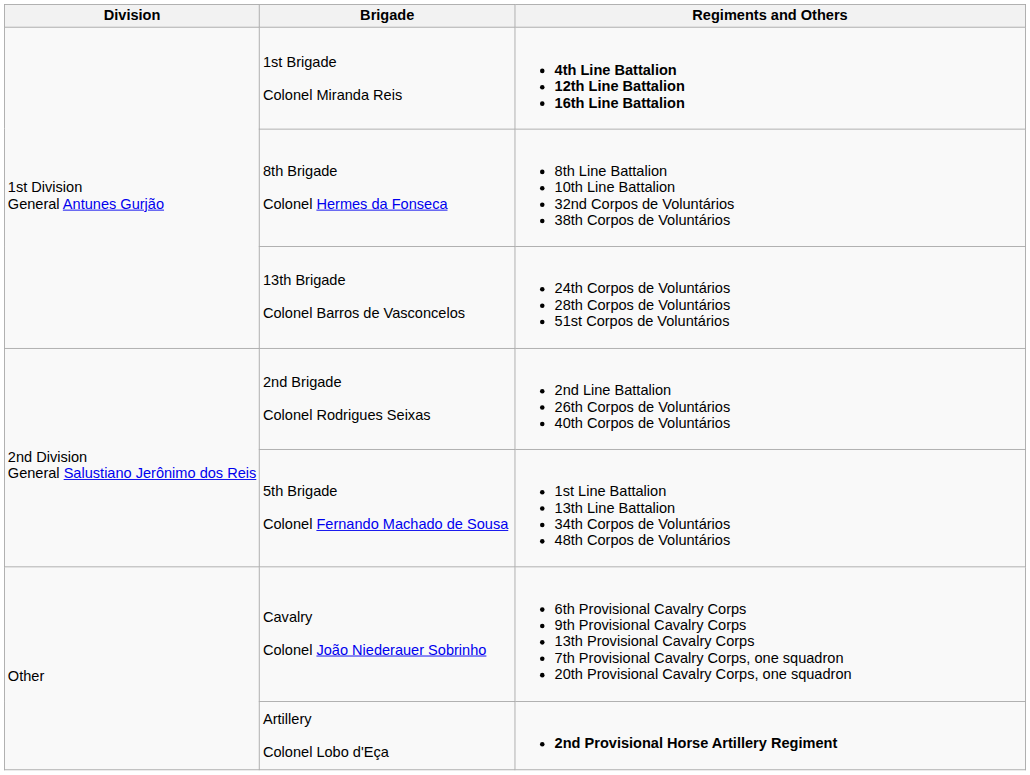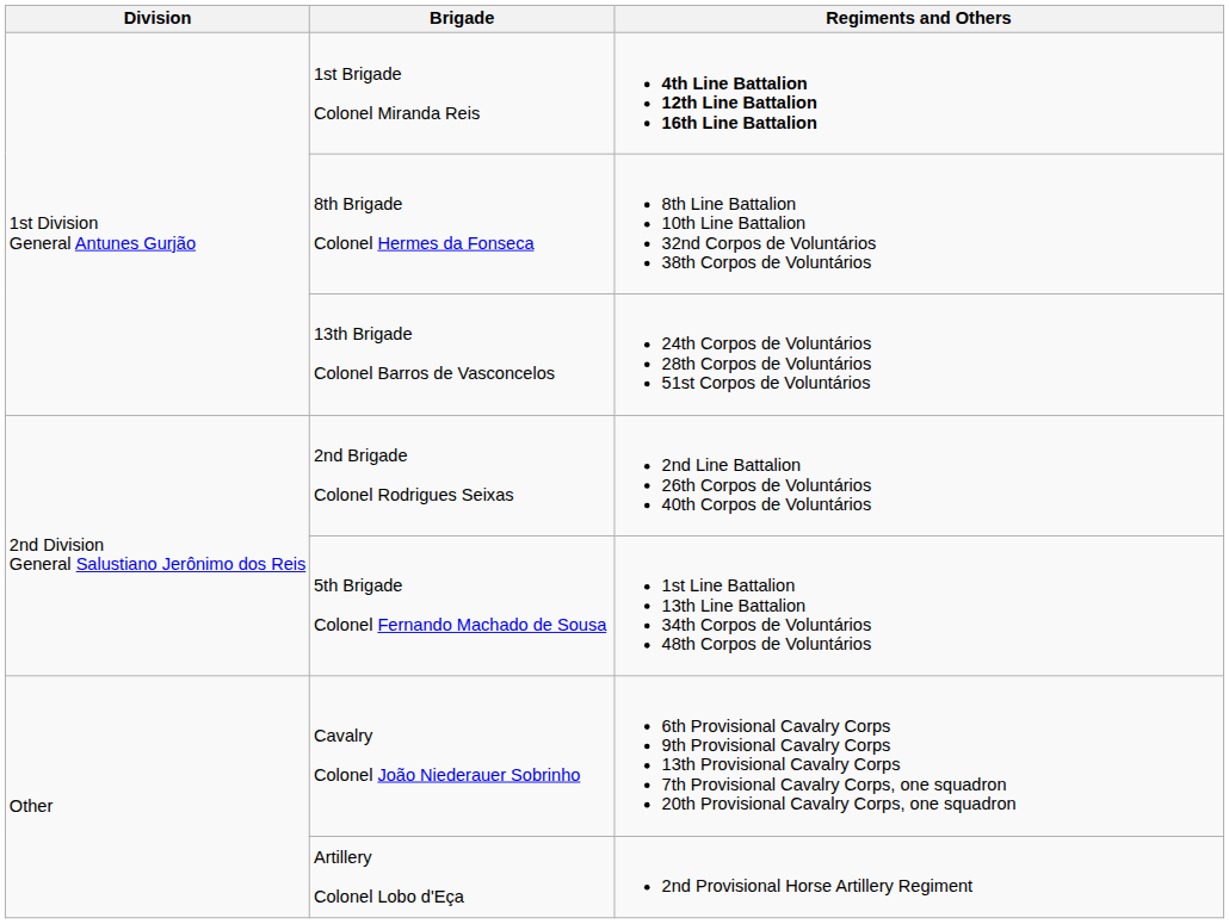 <table class="wikitable">
 <tr>
 <th style="width:25%;">Division</th>
 <th style="width:25%;">Brigade</th>
 <th>Regiments and Others</th>
 </tr>
 <tr>
 <td rowspan=3><br>1st Division <br> General <a href='#'>Antunes Gurjão</a></td>
 <td>1st Brigade<br><br> Colonel Miranda Reis</td>
 <td><strong><br><ul><li>4th Line Battalion</li><li>12th Line Battalion</li><li>16th Line Battalion</li></ul></strong></td>
 </tr>
 <tr>
 <td>8th Brigade<br><br> Colonel <a href='#'>Hermes da Fonseca</a></td>
 <td><br><ul><li>8th Line Battalion</li><li>10th Line Battalion</li><li>32nd Corpos de Voluntários</li><li>38th Corpos de Voluntários</li></ul></td>
 </tr>
 <tr>
 <td>13th Brigade<br><br> Colonel Barros de Vasconcelos</td>
 <td><br><ul><li>24th Corpos de Voluntários</li><li>28th Corpos de Voluntários</li><li>51st Corpos de Voluntários</li></ul></td>
 </tr>
 <tr>
 <td rowspan=2><br>2nd Division <br> General <a href='#'>Salustiano Jerônimo dos Reis</a></td>
 <td>2nd Brigade<br><br> Colonel Rodrigues Seixas</td>
 <td><br><ul><li>2nd Line Battalion</li><li>26th Corpos de Voluntários</li><li>40th Corpos de Voluntários</li></ul></td>
 </tr>
 <tr>
 <td>5th Brigade<br><br> Colonel <a href='#'>Fernando Machado de Sousa</a></td>
 <td><br><ul><li>1st Line Battalion</li><li>13th Line Battalion</li><li>34th Corpos de Voluntários</li><li>48th Corpos de Voluntários</li></ul></td>
 </tr>
 <tr>
 <td rowspan=2><br>Other</td>
 <td>Cavalry<br><br> Colonel <a href='#'>João Niederauer Sobrinho</a></td>
 <td><br><ul><li>6th Provisional Cavalry Corps</li><li>9th Provisional Cavalry Corps</li><li>13th Provisional Cavalry Corps</li><li>7th Provisional Cavalry Corps, one squadron</li><li>20th Provisional Cavalry Corps, one squadron</li></ul></td>
 </tr>
 <tr>
 <td>Artillery<br><br> Colonel Lobo d'Eça</td>
-<td><strong><br><ul><li>2nd Provisional Horse Artillery Regiment</li></ul></strong></td>
+<td><br><ul><li>2nd Provisional Horse Artillery Regiment</li></ul></td>
 </tr>
 </table>
